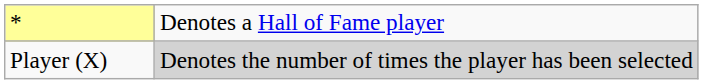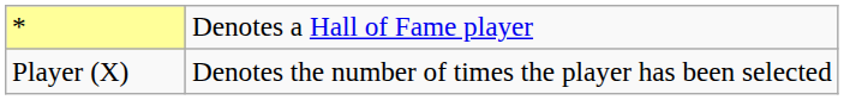 <table class="wikitable">
 <tr>
 <td style="background-color:#FFFF99; border:1px solid #aaaaaa; width:6em">*</td>
 <td>Denotes a <a href='#'>Hall of Fame player</a></td>
 </tr>
 <tr>
 <td>Player (X)</td>
-<td style="background: lightgrey;">Denotes the number of times the player has been selected</td>
+<td>Denotes the number of times the player has been selected</td>
 </tr>
 </table>
